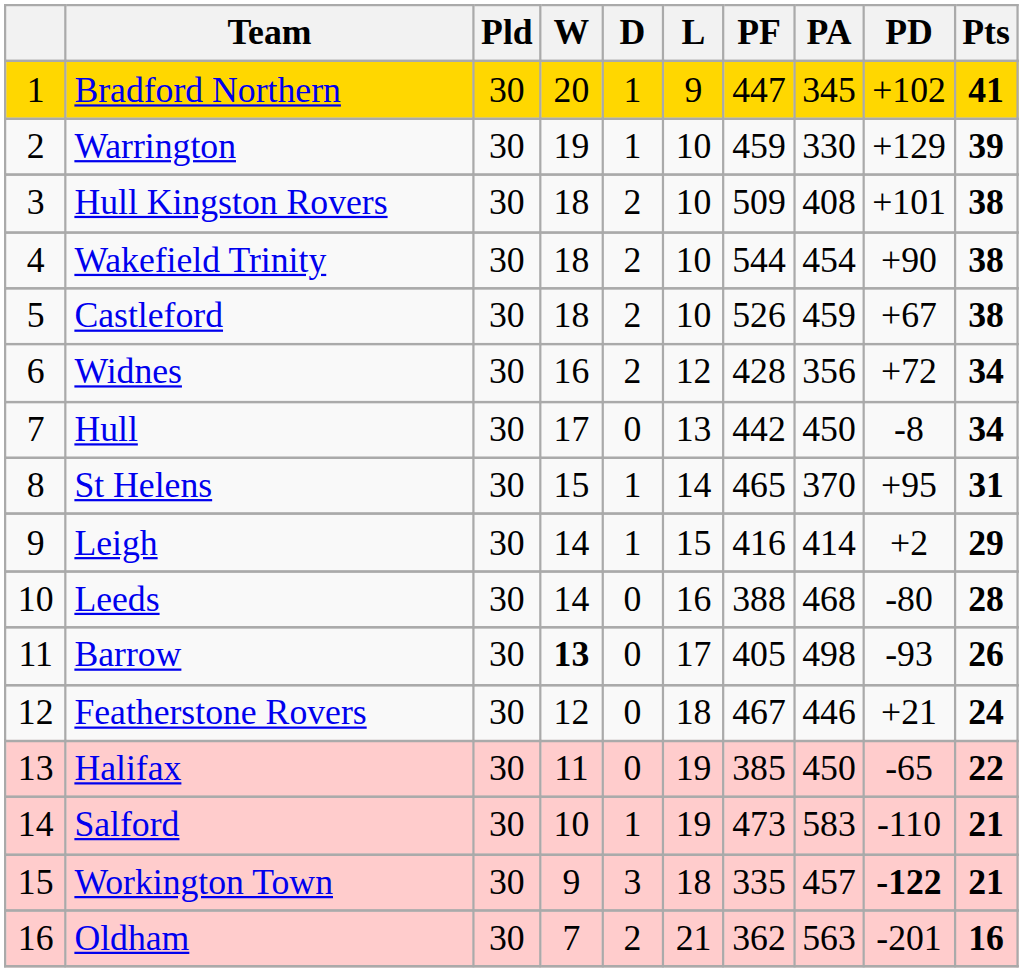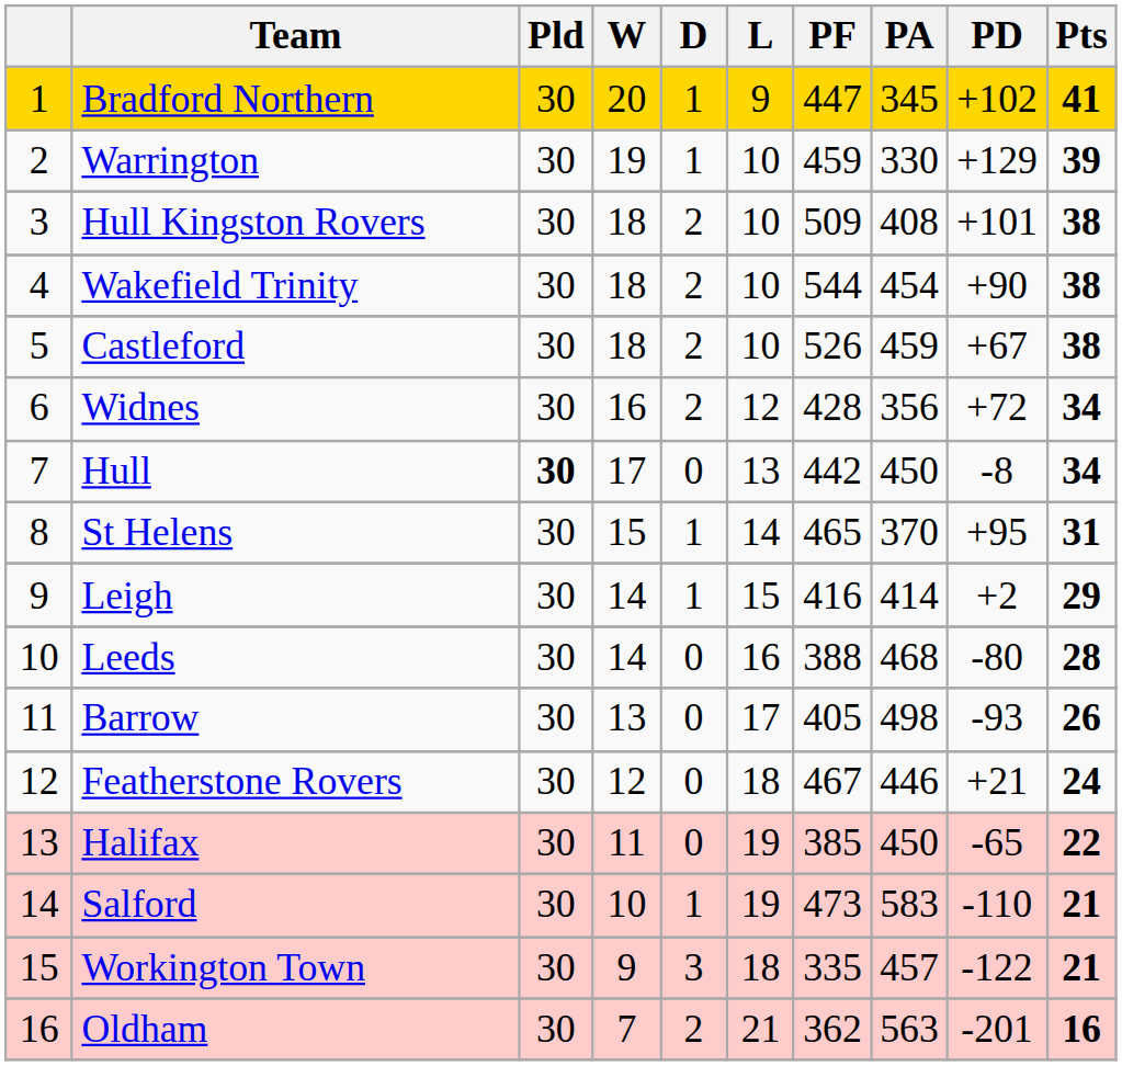 <table class="wikitable" style="text-align:center;">
 <tr>
 <th width=20 abbr="Position"></th>
 <th width=175>Team</th>
 <th width=20 abbr="Played">Pld</th>
 <th width=20 abbr="Won">W</th>
 <th width=20 abbr="Drawn">D</th>
 <th width=20 abbr="Lost">L</th>
 <th width=20 abbr="Points for">PF</th>
 <th width=20 abbr="Points against">PA</th>
 <th width=20 abbr="Points difference">PD</th>
 <th width=20 abbr="Points">Pts</th>
 </tr>
 <tr>
 </tr>
 <tr align=center style="background:#FFD700;">
 <td>1</td>
 <td style="text-align:left;"><a href='#'>Bradford Northern</a></td>
 <td>30</td>
 <td>20</td>
 <td>1</td>
 <td>9</td>
 <td>447</td>
 <td>345</td>
 <td>+102</td>
 <td><strong>41</strong></td>
 </tr>
 <tr --->
 </tr>
 <tr align=center style="background:">
 <td>2</td>
 <td style="text-align:left;"><a href='#'>Warrington</a></td>
 <td>30</td>
 <td>19</td>
 <td>1</td>
 <td>10</td>
 <td>459</td>
 <td>330</td>
 <td>+129</td>
 <td><strong>39</strong></td>
 </tr>
 <tr --->
 </tr>
 <tr align=center style="background:">
 <td>3</td>
 <td style="text-align:left;"><a href='#'>Hull Kingston Rovers</a></td>
 <td>30</td>
 <td>18</td>
 <td>2</td>
 <td>10</td>
 <td>509</td>
 <td>408</td>
 <td>+101</td>
 <td><strong>38</strong></td>
 </tr>
 <tr --->
 </tr>
 <tr align=center style="background:">
 <td>4</td>
 <td style="text-align:left;"><a href='#'>Wakefield Trinity</a></td>
 <td>30</td>
 <td>18</td>
 <td>2</td>
 <td>10</td>
 <td>544</td>
 <td>454</td>
 <td>+90</td>
 <td><strong>38</strong></td>
 </tr>
 <tr --->
 </tr>
 <tr align=center style="background:">
 <td>5</td>
 <td style="text-align:left;"><a href='#'>Castleford</a></td>
 <td>30</td>
 <td>18</td>
 <td>2</td>
 <td>10</td>
 <td>526</td>
 <td>459</td>
 <td>+67</td>
 <td><strong>38</strong></td>
 </tr>
 <tr --->
 </tr>
 <tr align=center style="background:">
 <td>6</td>
 <td style="text-align:left;"><a href='#'>Widnes</a></td>
 <td>30</td>
 <td>16</td>
 <td>2</td>
 <td>12</td>
 <td>428</td>
 <td>356</td>
 <td>+72</td>
 <td><strong>34</strong></td>
 </tr>
 <tr --->
 </tr>
 <tr align=center style="background:">
 <td>7</td>
 <td style="text-align:left;"><a href='#'>Hull</a></td>
-<td>30</td>
+<td><strong>30</strong></td>
 <td>17</td>
 <td>0</td>
 <td>13</td>
 <td>442</td>
 <td>450</td>
 <td>-8</td>
 <td><strong>34</strong></td>
 </tr>
 <tr --->
 </tr>
 <tr align=center style="background:">
 <td>8</td>
 <td style="text-align:left;"><a href='#'>St Helens</a></td>
 <td>30</td>
 <td>15</td>
 <td>1</td>
 <td>14</td>
 <td>465</td>
 <td>370</td>
 <td>+95</td>
 <td><strong>31</strong></td>
 </tr>
 <tr --->
 </tr>
 <tr align=center style="background:">
 <td>9</td>
 <td style="text-align:left;"><a href='#'>Leigh</a></td>
 <td>30</td>
 <td>14</td>
 <td>1</td>
 <td>15</td>
 <td>416</td>
 <td>414</td>
 <td>+2</td>
 <td><strong>29</strong></td>
 </tr>
 <tr --->
 </tr>
 <tr align=center style="background:">
 <td>10</td>
 <td style="text-align:left;"><a href='#'>Leeds</a></td>
 <td>30</td>
 <td>14</td>
 <td>0</td>
 <td>16</td>
 <td>388</td>
 <td>468</td>
 <td>-80</td>
 <td><strong>28</strong></td>
 </tr>
 <tr --->
 </tr>
 <tr align=center style="background:">
 <td>11</td>
 <td style="text-align:left;"><a href='#'>Barrow</a></td>
 <td>30</td>
-<td><strong>13</strong></td>
+<td>13</td>
 <td>0</td>
 <td>17</td>
 <td>405</td>
 <td>498</td>
 <td>-93</td>
 <td><strong>26</strong></td>
 </tr>
 <tr --->
 </tr>
 <tr align=center style="background:">
 <td>12</td>
 <td style="text-align:left;"><a href='#'>Featherstone Rovers</a></td>
 <td>30</td>
 <td>12</td>
 <td>0</td>
 <td>18</td>
 <td>467</td>
 <td>446</td>
 <td>+21</td>
 <td><strong>24</strong></td>
 </tr>
 <tr --->
 </tr>
 <tr align=center style="background:#FFCCCC">
 <td>13</td>
 <td style="text-align:left;"><a href='#'>Halifax</a></td>
 <td>30</td>
 <td>11</td>
 <td>0</td>
 <td>19</td>
 <td>385</td>
 <td>450</td>
 <td>-65</td>
 <td><strong>22</strong></td>
 </tr>
 <tr --->
 </tr>
 <tr align=center style="background:#FFCCCC">
 <td>14</td>
 <td style="text-align:left;"><a href='#'>Salford</a></td>
 <td>30</td>
 <td>10</td>
 <td>1</td>
 <td>19</td>
 <td>473</td>
 <td>583</td>
 <td>-110</td>
 <td><strong>21</strong></td>
 </tr>
 <tr --->
 </tr>
 <tr align=center style="background:#FFCCCC">
 <td>15</td>
 <td style="text-align:left;"><a href='#'>Workington Town</a></td>
 <td>30</td>
 <td>9</td>
 <td>3</td>
 <td>18</td>
 <td>335</td>
 <td>457</td>
-<td><strong>-122</strong></td>
+<td>-122</td>
 <td><strong>21</strong></td>
 </tr>
 <tr --->
 </tr>
 <tr align=center style="background:#FFCCCC">
 <td>16</td>
 <td style="text-align:left;"><a href='#'>Oldham</a></td>
 <td>30</td>
 <td>7</td>
 <td>2</td>
 <td>21</td>
 <td>362</td>
 <td>563</td>
 <td>-201</td>
 <td><strong>16</strong></td>
 </tr>
 <tr --->
 </tr>
 </table>
